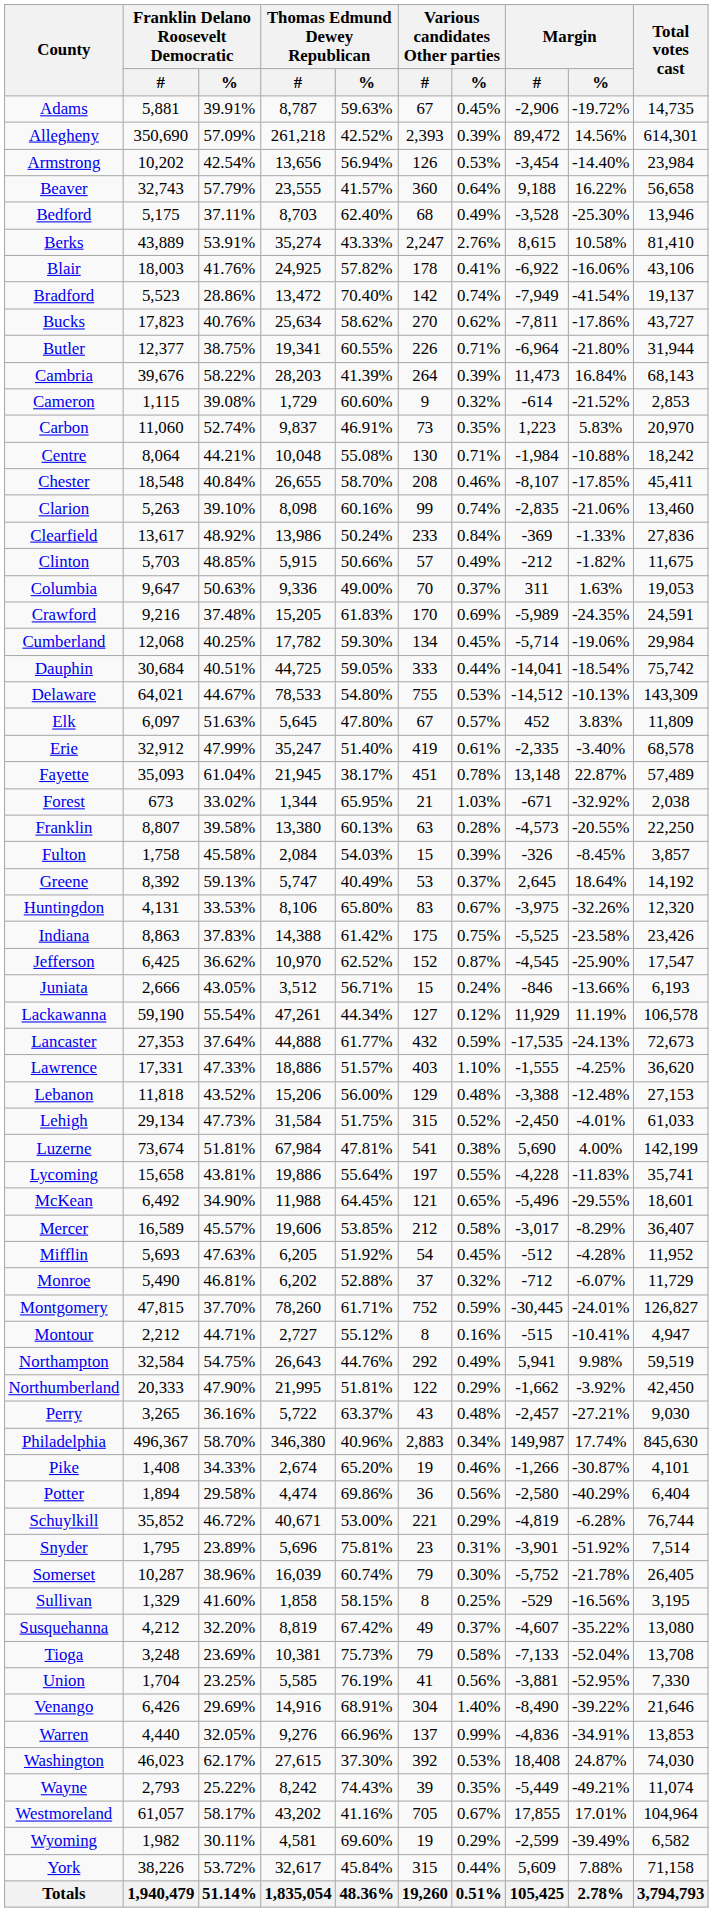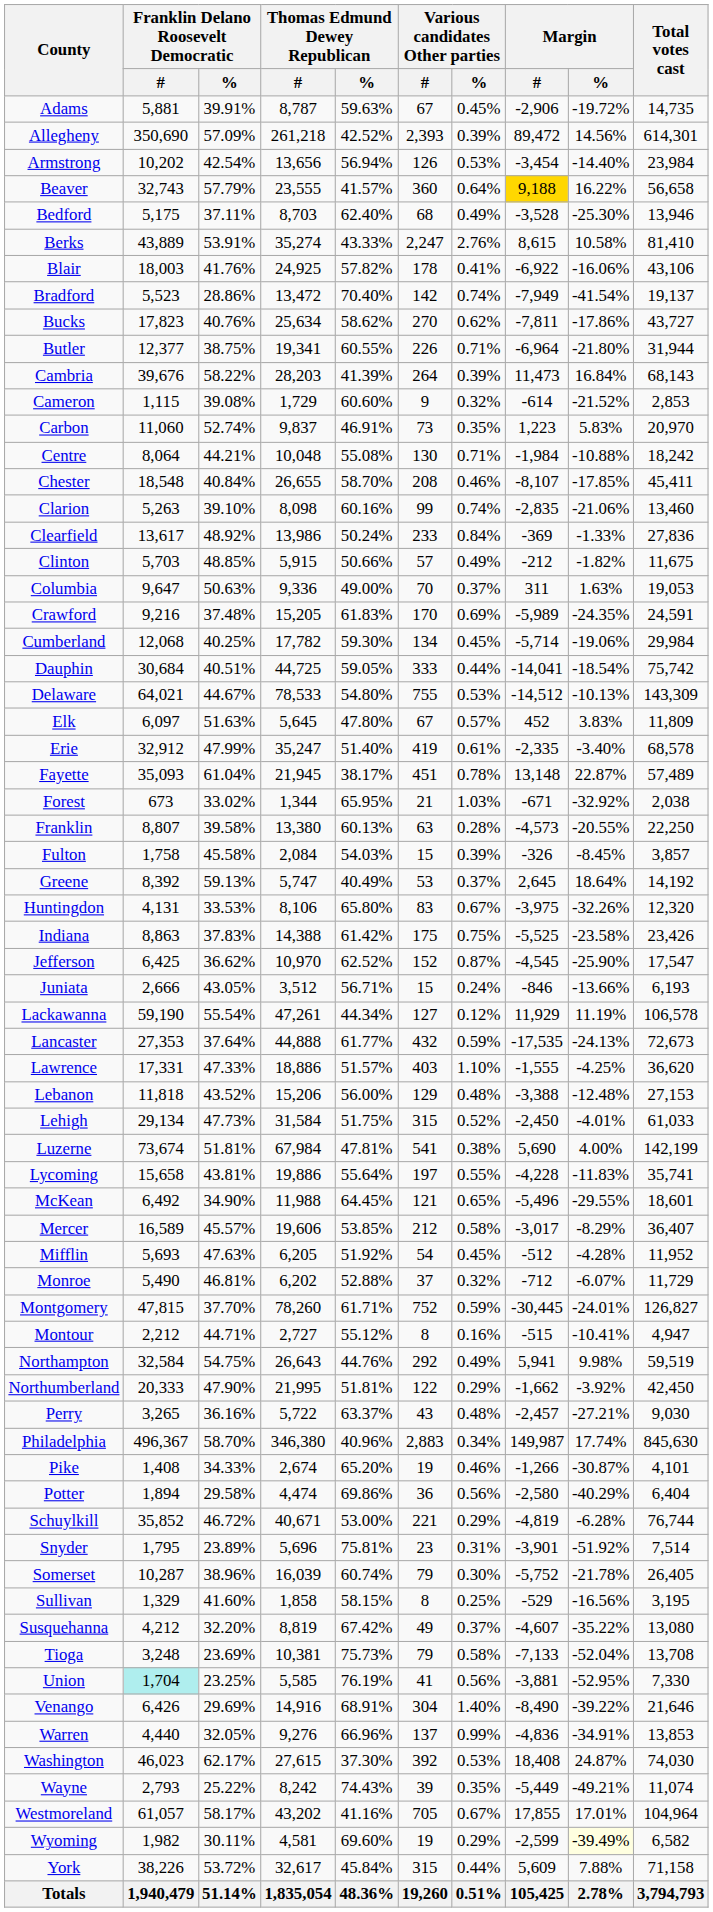 <table width="65%" class="wikitable sortable">
 <tr>
 <th colspan="1" rowspan="2">County</th>
 <th style="text-align:center;" colspan="2">Franklin Delano Roosevelt<br>Democratic</th>
 <th style="text-align:center;" colspan="2">Thomas Edmund Dewey<br>Republican</th>
 <th style="text-align:center;" colspan="2">Various candidates<br>Other parties</th>
 <th style="text-align:center;" colspan="2">Margin</th>
 <th colspan="1" rowspan="2" style="text-align:center;">Total votes cast</th>
 </tr>
 <tr>
 <th style="text-align:center;" data-sort-type="number">#</th>
 <th style="text-align:center;" data-sort-type="number">%</th>
 <th style="text-align:center;" data-sort-type="number">#</th>
 <th style="text-align:center;" data-sort-type="number">%</th>
 <th style="text-align:center;" data-sort-type="number">#</th>
 <th style="text-align:center;" data-sort-type="number">%</th>
 <th style="text-align:center;" data-sort-type="number">#</th>
 <th style="text-align:center;" data-sort-type="number">%</th>
 </tr>
 <tr style="text-align:center;">
 <td><a href='#'>Adams</a></td>
 <td>5,881</td>
 <td>39.91%</td>
 <td>8,787</td>
 <td>59.63%</td>
 <td>67</td>
 <td>0.45%</td>
 <td>-2,906</td>
 <td>-19.72%</td>
 <td>14,735</td>
 </tr>
 <tr style="text-align:center;">
 <td><a href='#'>Allegheny</a></td>
 <td>350,690</td>
 <td>57.09%</td>
 <td>261,218</td>
 <td>42.52%</td>
 <td>2,393</td>
 <td>0.39%</td>
 <td>89,472</td>
 <td>14.56%</td>
 <td>614,301</td>
 </tr>
 <tr style="text-align:center;">
 <td><a href='#'>Armstrong</a></td>
 <td>10,202</td>
 <td>42.54%</td>
 <td>13,656</td>
 <td>56.94%</td>
 <td>126</td>
 <td>0.53%</td>
 <td>-3,454</td>
 <td>-14.40%</td>
 <td>23,984</td>
 </tr>
 <tr style="text-align:center;">
 <td><a href='#'>Beaver</a></td>
 <td>32,743</td>
 <td>57.79%</td>
 <td>23,555</td>
 <td>41.57%</td>
 <td>360</td>
 <td>0.64%</td>
-<td>9,188</td>
+<td style="background: gold;">9,188</td>
 <td>16.22%</td>
 <td>56,658</td>
 </tr>
 <tr style="text-align:center;">
 <td><a href='#'>Bedford</a></td>
 <td>5,175</td>
 <td>37.11%</td>
 <td>8,703</td>
 <td>62.40%</td>
 <td>68</td>
 <td>0.49%</td>
 <td>-3,528</td>
 <td>-25.30%</td>
 <td>13,946</td>
 </tr>
 <tr style="text-align:center;">
 <td><a href='#'>Berks</a></td>
 <td>43,889</td>
 <td>53.91%</td>
 <td>35,274</td>
 <td>43.33%</td>
 <td>2,247</td>
 <td>2.76%</td>
 <td>8,615</td>
 <td>10.58%</td>
 <td>81,410</td>
 </tr>
 <tr style="text-align:center;">
 <td><a href='#'>Blair</a></td>
 <td>18,003</td>
 <td>41.76%</td>
 <td>24,925</td>
 <td>57.82%</td>
 <td>178</td>
 <td>0.41%</td>
 <td>-6,922</td>
 <td>-16.06%</td>
 <td>43,106</td>
 </tr>
 <tr style="text-align:center;">
 <td><a href='#'>Bradford</a></td>
 <td>5,523</td>
 <td>28.86%</td>
 <td>13,472</td>
 <td>70.40%</td>
 <td>142</td>
 <td>0.74%</td>
 <td>-7,949</td>
 <td>-41.54%</td>
 <td>19,137</td>
 </tr>
 <tr style="text-align:center;">
 <td><a href='#'>Bucks</a></td>
 <td>17,823</td>
 <td>40.76%</td>
 <td>25,634</td>
 <td>58.62%</td>
 <td>270</td>
 <td>0.62%</td>
 <td>-7,811</td>
 <td>-17.86%</td>
 <td>43,727</td>
 </tr>
 <tr style="text-align:center;">
 <td><a href='#'>Butler</a></td>
 <td>12,377</td>
 <td>38.75%</td>
 <td>19,341</td>
 <td>60.55%</td>
 <td>226</td>
 <td>0.71%</td>
 <td>-6,964</td>
 <td>-21.80%</td>
 <td>31,944</td>
 </tr>
 <tr style="text-align:center;">
 <td><a href='#'>Cambria</a></td>
 <td>39,676</td>
 <td>58.22%</td>
 <td>28,203</td>
 <td>41.39%</td>
 <td>264</td>
 <td>0.39%</td>
 <td>11,473</td>
 <td>16.84%</td>
 <td>68,143</td>
 </tr>
 <tr style="text-align:center;">
 <td><a href='#'>Cameron</a></td>
 <td>1,115</td>
 <td>39.08%</td>
 <td>1,729</td>
 <td>60.60%</td>
 <td>9</td>
 <td>0.32%</td>
 <td>-614</td>
 <td>-21.52%</td>
 <td>2,853</td>
 </tr>
 <tr style="text-align:center;">
 <td><a href='#'>Carbon</a></td>
 <td>11,060</td>
 <td>52.74%</td>
 <td>9,837</td>
 <td>46.91%</td>
 <td>73</td>
 <td>0.35%</td>
 <td>1,223</td>
 <td>5.83%</td>
 <td>20,970</td>
 </tr>
 <tr style="text-align:center;">
 <td><a href='#'>Centre</a></td>
 <td>8,064</td>
 <td>44.21%</td>
 <td>10,048</td>
 <td>55.08%</td>
 <td>130</td>
 <td>0.71%</td>
 <td>-1,984</td>
 <td>-10.88%</td>
 <td>18,242</td>
 </tr>
 <tr style="text-align:center;">
 <td><a href='#'>Chester</a></td>
 <td>18,548</td>
 <td>40.84%</td>
 <td>26,655</td>
 <td>58.70%</td>
 <td>208</td>
 <td>0.46%</td>
 <td>-8,107</td>
 <td>-17.85%</td>
 <td>45,411</td>
 </tr>
 <tr style="text-align:center;">
 <td><a href='#'>Clarion</a></td>
 <td>5,263</td>
 <td>39.10%</td>
 <td>8,098</td>
 <td>60.16%</td>
 <td>99</td>
 <td>0.74%</td>
 <td>-2,835</td>
 <td>-21.06%</td>
 <td>13,460</td>
 </tr>
 <tr style="text-align:center;">
 <td><a href='#'>Clearfield</a></td>
 <td>13,617</td>
 <td>48.92%</td>
 <td>13,986</td>
 <td>50.24%</td>
 <td>233</td>
 <td>0.84%</td>
 <td>-369</td>
 <td>-1.33%</td>
 <td>27,836</td>
 </tr>
 <tr style="text-align:center;">
 <td><a href='#'>Clinton</a></td>
 <td>5,703</td>
 <td>48.85%</td>
 <td>5,915</td>
 <td>50.66%</td>
 <td>57</td>
 <td>0.49%</td>
 <td>-212</td>
 <td>-1.82%</td>
 <td>11,675</td>
 </tr>
 <tr style="text-align:center;">
 <td><a href='#'>Columbia</a></td>
 <td>9,647</td>
 <td>50.63%</td>
 <td>9,336</td>
 <td>49.00%</td>
 <td>70</td>
 <td>0.37%</td>
 <td>311</td>
 <td>1.63%</td>
 <td>19,053</td>
 </tr>
 <tr style="text-align:center;">
 <td><a href='#'>Crawford</a></td>
 <td>9,216</td>
 <td>37.48%</td>
 <td>15,205</td>
 <td>61.83%</td>
 <td>170</td>
 <td>0.69%</td>
 <td>-5,989</td>
 <td>-24.35%</td>
 <td>24,591</td>
 </tr>
 <tr style="text-align:center;">
 <td><a href='#'>Cumberland</a></td>
 <td>12,068</td>
 <td>40.25%</td>
 <td>17,782</td>
 <td>59.30%</td>
 <td>134</td>
 <td>0.45%</td>
 <td>-5,714</td>
 <td>-19.06%</td>
 <td>29,984</td>
 </tr>
 <tr style="text-align:center;">
 <td><a href='#'>Dauphin</a></td>
 <td>30,684</td>
 <td>40.51%</td>
 <td>44,725</td>
 <td>59.05%</td>
 <td>333</td>
 <td>0.44%</td>
 <td>-14,041</td>
 <td>-18.54%</td>
 <td>75,742</td>
 </tr>
 <tr style="text-align:center;">
 <td><a href='#'>Delaware</a></td>
 <td>64,021</td>
 <td>44.67%</td>
 <td>78,533</td>
 <td>54.80%</td>
 <td>755</td>
 <td>0.53%</td>
 <td>-14,512</td>
 <td>-10.13%</td>
 <td>143,309</td>
 </tr>
 <tr style="text-align:center;">
 <td><a href='#'>Elk</a></td>
 <td>6,097</td>
 <td>51.63%</td>
 <td>5,645</td>
 <td>47.80%</td>
 <td>67</td>
 <td>0.57%</td>
 <td>452</td>
 <td>3.83%</td>
 <td>11,809</td>
 </tr>
 <tr style="text-align:center;">
 <td><a href='#'>Erie</a></td>
 <td>32,912</td>
 <td>47.99%</td>
 <td>35,247</td>
 <td>51.40%</td>
 <td>419</td>
 <td>0.61%</td>
 <td>-2,335</td>
 <td>-3.40%</td>
 <td>68,578</td>
 </tr>
 <tr style="text-align:center;">
 <td><a href='#'>Fayette</a></td>
 <td>35,093</td>
 <td>61.04%</td>
 <td>21,945</td>
 <td>38.17%</td>
 <td>451</td>
 <td>0.78%</td>
 <td>13,148</td>
 <td>22.87%</td>
 <td>57,489</td>
 </tr>
 <tr style="text-align:center;">
 <td><a href='#'>Forest</a></td>
 <td>673</td>
 <td>33.02%</td>
 <td>1,344</td>
 <td>65.95%</td>
 <td>21</td>
 <td>1.03%</td>
 <td>-671</td>
 <td>-32.92%</td>
 <td>2,038</td>
 </tr>
 <tr style="text-align:center;">
 <td><a href='#'>Franklin</a></td>
 <td>8,807</td>
 <td>39.58%</td>
 <td>13,380</td>
 <td>60.13%</td>
 <td>63</td>
 <td>0.28%</td>
 <td>-4,573</td>
 <td>-20.55%</td>
 <td>22,250</td>
 </tr>
 <tr style="text-align:center;">
 <td><a href='#'>Fulton</a></td>
 <td>1,758</td>
 <td>45.58%</td>
 <td>2,084</td>
 <td>54.03%</td>
 <td>15</td>
 <td>0.39%</td>
 <td>-326</td>
 <td>-8.45%</td>
 <td>3,857</td>
 </tr>
 <tr style="text-align:center;">
 <td><a href='#'>Greene</a></td>
 <td>8,392</td>
 <td>59.13%</td>
 <td>5,747</td>
 <td>40.49%</td>
 <td>53</td>
 <td>0.37%</td>
 <td>2,645</td>
 <td>18.64%</td>
 <td>14,192</td>
 </tr>
 <tr style="text-align:center;">
 <td><a href='#'>Huntingdon</a></td>
 <td>4,131</td>
 <td>33.53%</td>
 <td>8,106</td>
 <td>65.80%</td>
 <td>83</td>
 <td>0.67%</td>
 <td>-3,975</td>
 <td>-32.26%</td>
 <td>12,320</td>
 </tr>
 <tr style="text-align:center;">
 <td><a href='#'>Indiana</a></td>
 <td>8,863</td>
 <td>37.83%</td>
 <td>14,388</td>
 <td>61.42%</td>
 <td>175</td>
 <td>0.75%</td>
 <td>-5,525</td>
 <td>-23.58%</td>
 <td>23,426</td>
 </tr>
 <tr style="text-align:center;">
 <td><a href='#'>Jefferson</a></td>
 <td>6,425</td>
 <td>36.62%</td>
 <td>10,970</td>
 <td>62.52%</td>
 <td>152</td>
 <td>0.87%</td>
 <td>-4,545</td>
 <td>-25.90%</td>
 <td>17,547</td>
 </tr>
 <tr style="text-align:center;">
 <td><a href='#'>Juniata</a></td>
 <td>2,666</td>
 <td>43.05%</td>
 <td>3,512</td>
 <td>56.71%</td>
 <td>15</td>
 <td>0.24%</td>
 <td>-846</td>
 <td>-13.66%</td>
 <td>6,193</td>
 </tr>
 <tr style="text-align:center;">
 <td><a href='#'>Lackawanna</a></td>
 <td>59,190</td>
 <td>55.54%</td>
 <td>47,261</td>
 <td>44.34%</td>
 <td>127</td>
 <td>0.12%</td>
 <td>11,929</td>
 <td>11.19%</td>
 <td>106,578</td>
 </tr>
 <tr style="text-align:center;">
 <td><a href='#'>Lancaster</a></td>
 <td>27,353</td>
 <td>37.64%</td>
 <td>44,888</td>
 <td>61.77%</td>
 <td>432</td>
 <td>0.59%</td>
 <td>-17,535</td>
 <td>-24.13%</td>
 <td>72,673</td>
 </tr>
 <tr style="text-align:center;">
 <td><a href='#'>Lawrence</a></td>
 <td>17,331</td>
 <td>47.33%</td>
 <td>18,886</td>
 <td>51.57%</td>
 <td>403</td>
 <td>1.10%</td>
 <td>-1,555</td>
 <td>-4.25%</td>
 <td>36,620</td>
 </tr>
 <tr style="text-align:center;">
 <td><a href='#'>Lebanon</a></td>
 <td>11,818</td>
 <td>43.52%</td>
 <td>15,206</td>
 <td>56.00%</td>
 <td>129</td>
 <td>0.48%</td>
 <td>-3,388</td>
 <td>-12.48%</td>
 <td>27,153</td>
 </tr>
 <tr style="text-align:center;">
 <td><a href='#'>Lehigh</a></td>
 <td>29,134</td>
 <td>47.73%</td>
 <td>31,584</td>
 <td>51.75%</td>
 <td>315</td>
 <td>0.52%</td>
 <td>-2,450</td>
 <td>-4.01%</td>
 <td>61,033</td>
 </tr>
 <tr style="text-align:center;">
 <td><a href='#'>Luzerne</a></td>
 <td>73,674</td>
 <td>51.81%</td>
 <td>67,984</td>
 <td>47.81%</td>
 <td>541</td>
 <td>0.38%</td>
 <td>5,690</td>
 <td>4.00%</td>
 <td>142,199</td>
 </tr>
 <tr style="text-align:center;">
 <td><a href='#'>Lycoming</a></td>
 <td>15,658</td>
 <td>43.81%</td>
 <td>19,886</td>
 <td>55.64%</td>
 <td>197</td>
 <td>0.55%</td>
 <td>-4,228</td>
 <td>-11.83%</td>
 <td>35,741</td>
 </tr>
 <tr style="text-align:center;">
 <td><a href='#'>McKean</a></td>
 <td>6,492</td>
 <td>34.90%</td>
 <td>11,988</td>
 <td>64.45%</td>
 <td>121</td>
 <td>0.65%</td>
 <td>-5,496</td>
 <td>-29.55%</td>
 <td>18,601</td>
 </tr>
 <tr style="text-align:center;">
 <td><a href='#'>Mercer</a></td>
 <td>16,589</td>
 <td>45.57%</td>
 <td>19,606</td>
 <td>53.85%</td>
 <td>212</td>
 <td>0.58%</td>
 <td>-3,017</td>
 <td>-8.29%</td>
 <td>36,407</td>
 </tr>
 <tr style="text-align:center;">
 <td><a href='#'>Mifflin</a></td>
 <td>5,693</td>
 <td>47.63%</td>
 <td>6,205</td>
 <td>51.92%</td>
 <td>54</td>
 <td>0.45%</td>
 <td>-512</td>
 <td>-4.28%</td>
 <td>11,952</td>
 </tr>
 <tr style="text-align:center;">
 <td><a href='#'>Monroe</a></td>
 <td>5,490</td>
 <td>46.81%</td>
 <td>6,202</td>
 <td>52.88%</td>
 <td>37</td>
 <td>0.32%</td>
 <td>-712</td>
 <td>-6.07%</td>
 <td>11,729</td>
 </tr>
 <tr style="text-align:center;">
 <td><a href='#'>Montgomery</a></td>
 <td>47,815</td>
 <td>37.70%</td>
 <td>78,260</td>
 <td>61.71%</td>
 <td>752</td>
 <td>0.59%</td>
 <td>-30,445</td>
 <td>-24.01%</td>
 <td>126,827</td>
 </tr>
 <tr style="text-align:center;">
 <td><a href='#'>Montour</a></td>
 <td>2,212</td>
 <td>44.71%</td>
 <td>2,727</td>
 <td>55.12%</td>
 <td>8</td>
 <td>0.16%</td>
 <td>-515</td>
 <td>-10.41%</td>
 <td>4,947</td>
 </tr>
 <tr style="text-align:center;">
 <td><a href='#'>Northampton</a></td>
 <td>32,584</td>
 <td>54.75%</td>
 <td>26,643</td>
 <td>44.76%</td>
 <td>292</td>
 <td>0.49%</td>
 <td>5,941</td>
 <td>9.98%</td>
 <td>59,519</td>
 </tr>
 <tr style="text-align:center;">
 <td><a href='#'>Northumberland</a></td>
 <td>20,333</td>
 <td>47.90%</td>
 <td>21,995</td>
 <td>51.81%</td>
 <td>122</td>
 <td>0.29%</td>
 <td>-1,662</td>
 <td>-3.92%</td>
 <td>42,450</td>
 </tr>
 <tr style="text-align:center;">
 <td><a href='#'>Perry</a></td>
 <td>3,265</td>
 <td>36.16%</td>
 <td>5,722</td>
 <td>63.37%</td>
 <td>43</td>
 <td>0.48%</td>
 <td>-2,457</td>
 <td>-27.21%</td>
 <td>9,030</td>
 </tr>
 <tr style="text-align:center;">
 <td><a href='#'>Philadelphia</a></td>
 <td>496,367</td>
 <td>58.70%</td>
 <td>346,380</td>
 <td>40.96%</td>
 <td>2,883</td>
 <td>0.34%</td>
 <td>149,987</td>
 <td>17.74%</td>
 <td>845,630</td>
 </tr>
 <tr style="text-align:center;">
 <td><a href='#'>Pike</a></td>
 <td>1,408</td>
 <td>34.33%</td>
 <td>2,674</td>
 <td>65.20%</td>
 <td>19</td>
 <td>0.46%</td>
 <td>-1,266</td>
 <td>-30.87%</td>
 <td>4,101</td>
 </tr>
 <tr style="text-align:center;">
 <td><a href='#'>Potter</a></td>
 <td>1,894</td>
 <td>29.58%</td>
 <td>4,474</td>
 <td>69.86%</td>
 <td>36</td>
 <td>0.56%</td>
 <td>-2,580</td>
 <td>-40.29%</td>
 <td>6,404</td>
 </tr>
 <tr style="text-align:center;">
 <td><a href='#'>Schuylkill</a></td>
 <td>35,852</td>
 <td>46.72%</td>
 <td>40,671</td>
 <td>53.00%</td>
 <td>221</td>
 <td>0.29%</td>
 <td>-4,819</td>
 <td>-6.28%</td>
 <td>76,744</td>
 </tr>
 <tr style="text-align:center;">
 <td><a href='#'>Snyder</a></td>
 <td>1,795</td>
 <td>23.89%</td>
 <td>5,696</td>
 <td>75.81%</td>
 <td>23</td>
 <td>0.31%</td>
 <td>-3,901</td>
 <td>-51.92%</td>
 <td>7,514</td>
 </tr>
 <tr style="text-align:center;">
 <td><a href='#'>Somerset</a></td>
 <td>10,287</td>
 <td>38.96%</td>
 <td>16,039</td>
 <td>60.74%</td>
 <td>79</td>
 <td>0.30%</td>
 <td>-5,752</td>
 <td>-21.78%</td>
 <td>26,405</td>
 </tr>
 <tr style="text-align:center;">
 <td><a href='#'>Sullivan</a></td>
 <td>1,329</td>
 <td>41.60%</td>
 <td>1,858</td>
 <td>58.15%</td>
 <td>8</td>
 <td>0.25%</td>
 <td>-529</td>
 <td>-16.56%</td>
 <td>3,195</td>
 </tr>
 <tr style="text-align:center;">
 <td><a href='#'>Susquehanna</a></td>
 <td>4,212</td>
 <td>32.20%</td>
 <td>8,819</td>
 <td>67.42%</td>
 <td>49</td>
 <td>0.37%</td>
 <td>-4,607</td>
 <td>-35.22%</td>
 <td>13,080</td>
 </tr>
 <tr style="text-align:center;">
 <td><a href='#'>Tioga</a></td>
 <td>3,248</td>
 <td>23.69%</td>
 <td>10,381</td>
 <td>75.73%</td>
 <td>79</td>
 <td>0.58%</td>
 <td>-7,133</td>
 <td>-52.04%</td>
 <td>13,708</td>
 </tr>
 <tr style="text-align:center;">
 <td><a href='#'>Union</a></td>
-<td>1,704</td>
+<td style="background: paleturquoise;">1,704</td>
 <td>23.25%</td>
 <td>5,585</td>
 <td>76.19%</td>
 <td>41</td>
 <td>0.56%</td>
 <td>-3,881</td>
 <td>-52.95%</td>
 <td>7,330</td>
 </tr>
 <tr style="text-align:center;">
 <td><a href='#'>Venango</a></td>
 <td>6,426</td>
 <td>29.69%</td>
 <td>14,916</td>
 <td>68.91%</td>
 <td>304</td>
 <td>1.40%</td>
 <td>-8,490</td>
 <td>-39.22%</td>
 <td>21,646</td>
 </tr>
 <tr style="text-align:center;">
 <td><a href='#'>Warren</a></td>
 <td>4,440</td>
 <td>32.05%</td>
 <td>9,276</td>
 <td>66.96%</td>
 <td>137</td>
 <td>0.99%</td>
 <td>-4,836</td>
 <td>-34.91%</td>
 <td>13,853</td>
 </tr>
 <tr style="text-align:center;">
 <td><a href='#'>Washington</a></td>
 <td>46,023</td>
 <td>62.17%</td>
 <td>27,615</td>
 <td>37.30%</td>
 <td>392</td>
 <td>0.53%</td>
 <td>18,408</td>
 <td>24.87%</td>
 <td>74,030</td>
 </tr>
 <tr style="text-align:center;">
 <td><a href='#'>Wayne</a></td>
 <td>2,793</td>
 <td>25.22%</td>
 <td>8,242</td>
 <td>74.43%</td>
 <td>39</td>
 <td>0.35%</td>
 <td>-5,449</td>
 <td>-49.21%</td>
 <td>11,074</td>
 </tr>
 <tr style="text-align:center;">
 <td><a href='#'>Westmoreland</a></td>
 <td>61,057</td>
 <td>58.17%</td>
 <td>43,202</td>
 <td>41.16%</td>
 <td>705</td>
 <td>0.67%</td>
 <td>17,855</td>
 <td>17.01%</td>
 <td>104,964</td>
 </tr>
 <tr style="text-align:center;">
 <td><a href='#'>Wyoming</a></td>
 <td>1,982</td>
 <td>30.11%</td>
 <td>4,581</td>
 <td>69.60%</td>
 <td>19</td>
 <td>0.29%</td>
 <td>-2,599</td>
-<td>-39.49%</td>
+<td style="background: lightyellow;">-39.49%</td>
 <td>6,582</td>
 </tr>
 <tr style="text-align:center;">
 <td><a href='#'>York</a></td>
 <td>38,226</td>
 <td>53.72%</td>
 <td>32,617</td>
 <td>45.84%</td>
 <td>315</td>
 <td>0.44%</td>
 <td>5,609</td>
 <td>7.88%</td>
 <td>71,158</td>
 </tr>
 <tr style="text-align:center;">
 <th>Totals</th>
 <th>1,940,479</th>
 <th>51.14%</th>
 <th>1,835,054</th>
 <th>48.36%</th>
 <th>19,260</th>
 <th>0.51%</th>
 <th>105,425</th>
 <th>2.78%</th>
 <th>3,794,793</th>
 </tr>
 </table>
